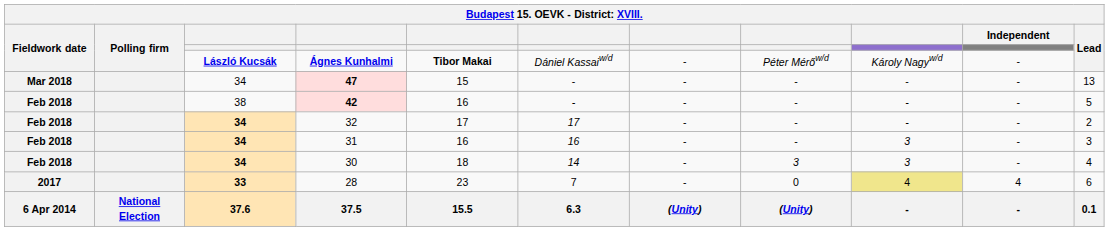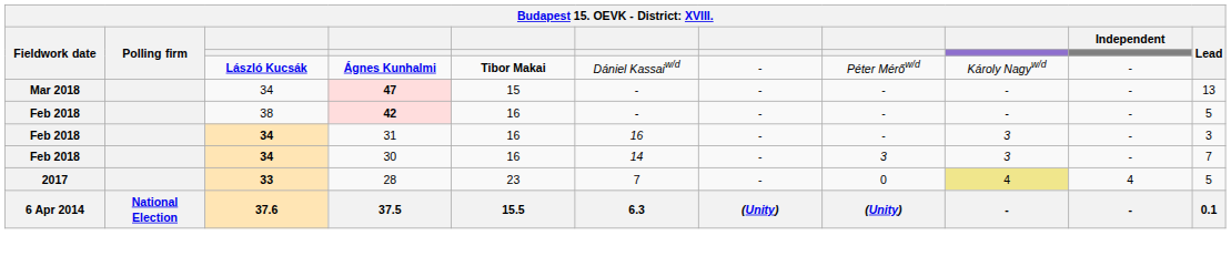 <table class="wikitable mw-collapsible mw-collapsed" style="text-align:center">
 <tr>
 <th colspan="11" style="width: 980pt;"><small><a href='#'>Budapest</a> 15. OEVK -</small> <small>District: <a href='#'>XVIII.</a></small></th>
 </tr>
 <tr>
 <th rowspan="3" style="width: 80pt;"><small>Fieldwork</small> <small>date</small></th>
 <th rowspan="3" style="width: 80pt;"><strong><small>Polling</small> <small>firm</small></strong></th>
 <th style="width: 100pt;"><small></small></th>
 <th style="width: 100pt;"><small> </small></th>
 <th style="width: 100pt;"></th>
 <th style="width: 100pt;"></th>
 <th style="width: 100pt;"></th>
 <th style="width: 100pt;"></th>
 <th style="width: 100pt;"></th>
 <th style="width: 100pt;"><small>Independent</small></th>
 <th rowspan="3" style="width: 20pt;"><small>Lead</small></th>
 </tr>
 <tr>
 <th style="color:inherit;background:"></th>
 <th style="color:inherit;background:"></th>
 <th style="color:inherit;background:"></th>
 <th style="color:inherit;background:"></th>
 <th style="color:inherit;background:"></th>
 <th style="color:inherit;background:"></th>
 <th style="color:inherit;background:#8E6FCE;"></th>
 <th style="color:inherit;background:#808080;"></th>
 </tr>
 <tr>
 <td><small><strong><a href='#'>László Kucsák</a></strong></small></td>
 <td><small><a href='#'><strong>Ágnes Kunhalmi</strong></a></small></td>
 <td><small><strong>Tibor Makai</strong></small></td>
 <td><small><em>Dániel Kassai<sup>w/d</sup></em></small></td>
 <td><small>-</small></td>
 <td><small><em>Péter Mérő<sup>w/d</sup></em></small></td>
 <td><small><em>Károly Nagy<sup>w/d</sup></em></small></td>
 <td><small>-</small></td>
 </tr>
 <tr>
 <th><small>Mar 2018</small></th>
 <th><small></small></th>
 <td><small>34</small></td>
 <td style="background:#FFDDDD"><small><strong>47</strong></small></td>
 <td><small>15</small></td>
 <td><small>-</small></td>
 <td><small>-</small></td>
 <td><small>-</small></td>
 <td><small>-</small></td>
 <td><small>-</small></td>
 <td style="background:"><small>13</small></td>
 </tr>
 <tr>
 <th><small>Feb 2018</small></th>
 <th> </th>
 <td><small>38</small></td>
 <td style="background:#FFDDDD"><small><strong>42</strong></small></td>
 <td><small>16</small></td>
 <td><small><em>-</em></small></td>
 <td><small>-</small></td>
 <td><small>-</small></td>
 <td><small><em>-</em></small></td>
 <td><small>-</small></td>
 <td style="background:"><small>5</small></td>
 </tr>
 <tr>
 <th><small>Feb 2018</small></th>
 <th> </th>
 <td style="background:#FFE5B4"><small><strong>34</strong></small></td>
-<td><small>32</small></td>
-<td><small>17</small></td>
-<td><small><em>17</em></small></td>
-<td><small>-</small></td>
-<td><small>-</small></td>
-<td><small><em>-</em></small></td>
-<td><small>-</small></td>
-<td style="background:"><small>2</small></td>
-</tr>
-<tr>
-<th><small>Feb 2018</small></th>
-<th> </th>
-<td style="background:#FFE5B4"><small><strong>34</strong></small></td>
 <td><small>31</small></td>
 <td><small>16</small></td>
 <td><small><em>16</em></small></td>
 <td><small>-</small></td>
 <td><small>-</small></td>
 <td><small><em>3</em></small></td>
 <td><small>-</small></td>
 <td style="background:"><small>3</small></td>
 </tr>
 <tr>
 <th><small>Feb 2018</small></th>
 <th> </th>
 <td style="background:#FFE5B4"><small><strong>34</strong></small></td>
 <td><small>30</small></td>
-<td><small>18</small></td>
+<td><small>16</small></td>
 <td><small><em>14</em></small></td>
 <td><small>-</small></td>
 <td><small><em>3</em></small></td>
 <td><small><em>3</em></small></td>
 <td><small>-</small></td>
-<td style="background:"><small>4</small></td>
+<td style="background:"><small>7</small></td>
 </tr>
 <tr>
 <th><small>2017</small></th>
 <th><small></small></th>
 <td style="background:#FFE5B4"><small><strong>33</strong></small></td>
 <td><small>28</small></td>
 <td><small>23</small></td>
 <td><small>7</small></td>
 <td><small>-</small></td>
 <td><small>0</small></td>
 <td style="background: khaki;"><small>4</small></td>
 <td><small>4</small></td>
-<td style="background:"><small>6</small></td>
+<td style="background:"><small>5</small></td>
 </tr>
 <tr>
 <th><small>6 Apr 2014</small></th>
 <th><a href='#'><small>National Election</small></a></th>
 <th style="background:#FFE5B4"><small>37.6</small></th>
 <th><small>37.5</small></th>
 <th><small>15.5</small></th>
 <th><small>6.3</small></th>
 <th><small><em>(<a href='#'>Unity</a>)</em></small></th>
 <th><small><em>(<a href='#'>Unity</a>)</em></small></th>
 <th><small>-</small></th>
 <th><small>-</small></th>
 <th style="background:"><small>0.1</small></th>
 </tr>
 </table>
